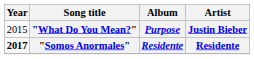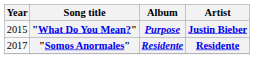 <table class="wikitable plainrowheaders sortable">
 <tr>
 <th scope="col">Year</th>
 <th scope="col">Song title</th>
 <th scope="col">Album</th>
 <th scope="col">Artist</th>
 </tr>
 <tr>
 <td>2015</td>
 <th scope="row">"<a href='#'>What Do You Mean?</a>"</th>
 <th scope="row"><em><a href='#'>Purpose</a></em></th>
 <th scope="row"><a href='#'>Justin Bieber</a></th>
 </tr>
 <tr>
-<td><strong>2017</strong></td>
+<td>2017</td>
 <th scope="row">"<a href='#'>Somos Anormales</a>"</th>
 <th scope="row"><em><a href='#'>Residente</a></em></th>
 <th scope="row"><a href='#'>Residente</a></th>
 </tr>
 <tr>
 </tr>
 </table>
